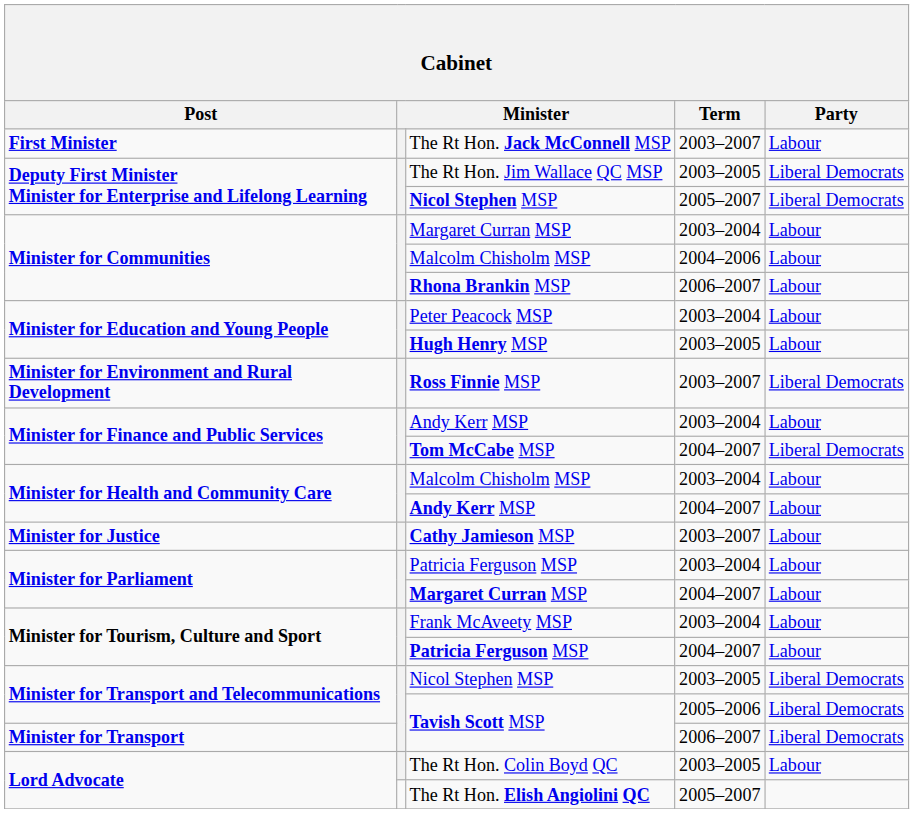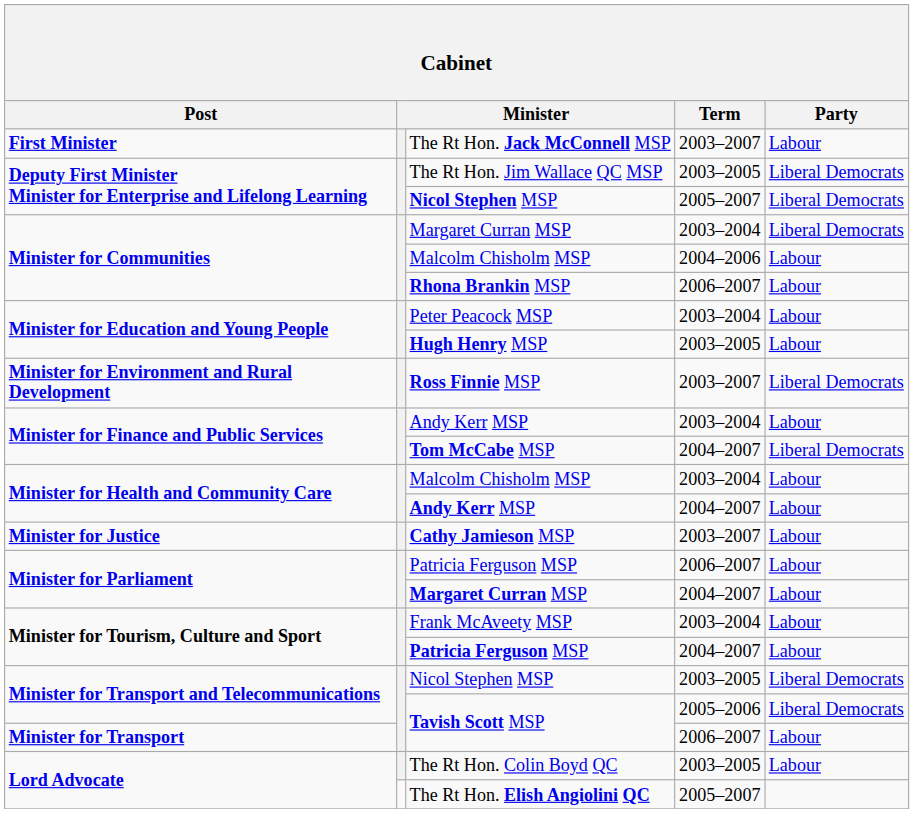 <table class="wikitable">
 <tr>
 <th colspan=5><br><h3>Cabinet</h3></th>
 </tr>
 <tr>
 <th style="width: 340px">Post</th>
 <th colspan="2">Minister</th>
 <th>Term</th>
 <th>Party</th>
 </tr>
 <tr>
 <td><strong><a href='#'>First Minister</a></strong></td>
 <th style="background-color: "></th>
 <td>The Rt Hon. <strong><a href='#'>Jack McConnell</a></strong> <a href='#'>MSP</a></td>
 <td>2003–2007</td>
 <td><a href='#'>Labour</a></td>
 </tr>
 <tr>
 <td rowspan="2"><strong><a href='#'>Deputy First Minister</a></strong><br><strong><a href='#'>Minister for Enterprise and Lifelong Learning</a></strong></td>
 <th rowspan="2" style="background-color: "></th>
 <td>The Rt Hon. <a href='#'>Jim Wallace</a>  <a href='#'>QC</a> <a href='#'>MSP</a></td>
 <td>2003–2005</td>
 <td><a href='#'>Liberal Democrats</a></td>
 </tr>
 <tr>
 <td><strong><a href='#'>Nicol Stephen</a></strong> <a href='#'>MSP</a></td>
 <td>2005–2007</td>
 <td><a href='#'>Liberal Democrats</a></td>
 </tr>
 <tr>
 <td rowspan="3"><strong><a href='#'>Minister for Communities</a></strong></td>
 <th rowspan="3" style="background-color: "></th>
 <td><a href='#'>Margaret Curran</a> <a href='#'>MSP</a></td>
 <td>2003–2004</td>
-<td><a href='#'>Labour</a></td>
+<td><a href='#'>Liberal Democrats</a></td>
 </tr>
 <tr>
 <td><a href='#'>Malcolm Chisholm</a> <a href='#'>MSP</a></td>
 <td>2004–2006</td>
 <td><a href='#'>Labour</a></td>
 </tr>
 <tr>
 <td><strong><a href='#'>Rhona Brankin</a></strong> <a href='#'>MSP</a></td>
 <td>2006–2007</td>
 <td><a href='#'>Labour</a></td>
 </tr>
 <tr>
 <td rowspan="2"><strong><a href='#'>Minister for Education and Young People</a></strong></td>
 <th rowspan="2" style="background-color: "></th>
 <td><a href='#'>Peter Peacock</a> <a href='#'>MSP</a></td>
 <td>2003–2004</td>
 <td><a href='#'>Labour</a></td>
 </tr>
 <tr>
 <td><strong><a href='#'>Hugh Henry</a></strong> <a href='#'>MSP</a></td>
 <td>2003–2005</td>
 <td><a href='#'>Labour</a></td>
 </tr>
 <tr>
 <td><strong><a href='#'>Minister for Environment and Rural Development</a></strong></td>
 <th style="background-color: "></th>
 <td><strong><a href='#'>Ross Finnie</a></strong> <a href='#'>MSP</a></td>
 <td>2003–2007</td>
 <td><a href='#'>Liberal Democrats</a></td>
 </tr>
 <tr>
 <td rowspan="2"><strong><a href='#'>Minister for Finance and Public Services</a></strong></td>
 <th rowspan="2" style="background-color: "></th>
 <td><a href='#'>Andy Kerr</a> <a href='#'>MSP</a></td>
 <td>2003–2004</td>
 <td><a href='#'>Labour</a></td>
 </tr>
 <tr>
 <td><strong><a href='#'>Tom McCabe</a></strong> <a href='#'>MSP</a></td>
 <td>2004–2007</td>
 <td><a href='#'>Liberal Democrats</a></td>
 </tr>
 <tr>
 <td rowspan="2"><strong><a href='#'>Minister for Health and Community Care</a></strong></td>
 <th rowspan="2" style="background-color: "></th>
 <td><a href='#'>Malcolm Chisholm</a> <a href='#'>MSP</a></td>
 <td>2003–2004</td>
 <td><a href='#'>Labour</a></td>
 </tr>
 <tr>
 <td><strong><a href='#'>Andy Kerr</a></strong> <a href='#'>MSP</a></td>
 <td>2004–2007</td>
 <td><a href='#'>Labour</a></td>
 </tr>
 <tr>
 <td><strong><a href='#'>Minister for Justice</a></strong></td>
 <th style="background-color: "></th>
 <td><strong><a href='#'>Cathy Jamieson</a></strong> <a href='#'>MSP</a></td>
 <td>2003–2007</td>
 <td><a href='#'>Labour</a></td>
 </tr>
 <tr>
 <td rowspan="2"><strong><a href='#'>Minister for Parliament</a></strong></td>
 <th rowspan="2" style="background-color: "></th>
 <td><a href='#'>Patricia Ferguson</a> <a href='#'>MSP</a></td>
-<td>2003–2004</td>
+<td>2006–2007</td>
 <td><a href='#'>Labour</a></td>
 </tr>
 <tr>
 <td><strong><a href='#'>Margaret Curran</a></strong> <a href='#'>MSP</a></td>
 <td>2004–2007</td>
 <td><a href='#'>Labour</a></td>
 </tr>
 <tr>
 <td rowspan="2"><strong>Minister for Tourism, Culture and Sport</strong></td>
 <th rowspan="2" style="background-color: "></th>
 <td><a href='#'>Frank McAveety</a> <a href='#'>MSP</a></td>
 <td>2003–2004</td>
 <td><a href='#'>Labour</a></td>
 </tr>
 <tr>
 <td><strong><a href='#'>Patricia Ferguson</a></strong> <a href='#'>MSP</a></td>
 <td>2004–2007</td>
 <td><a href='#'>Labour</a></td>
 </tr>
 <tr>
 <td rowspan="2"><strong><a href='#'>Minister for Transport and Telecommunications</a></strong></td>
 <th rowspan="3" style="background-color: "></th>
 <td><a href='#'>Nicol Stephen</a> <a href='#'>MSP</a></td>
 <td>2003–2005</td>
 <td><a href='#'>Liberal Democrats</a></td>
 </tr>
 <tr>
 <td rowspan="2"><strong><a href='#'>Tavish Scott</a></strong> <a href='#'>MSP</a></td>
 <td>2005–2006</td>
 <td><a href='#'>Liberal Democrats</a></td>
 </tr>
 <tr>
 <td rowspan=><strong><a href='#'>Minister for Transport</a></strong></td>
 <td>2006–2007</td>
-<td><a href='#'>Liberal Democrats</a></td>
+<td><a href='#'>Labour</a></td>
 </tr>
 <tr>
 <td rowspan="2"><strong><a href='#'>Lord Advocate</a></strong></td>
 <th style="background-color: "></th>
 <td>The Rt Hon. <a href='#'>Colin Boyd</a> <a href='#'>QC</a></td>
 <td>2003–2005</td>
 <td><a href='#'>Labour</a></td>
 </tr>
 <tr>
 <td></td>
 <td>The Rt Hon. <strong><a href='#'>Elish Angiolini</a> <a href='#'>QC</a></strong></td>
 <td>2005–2007</td>
 <td></td>
 </tr>
 <tr>
 </tr>
 </table>
